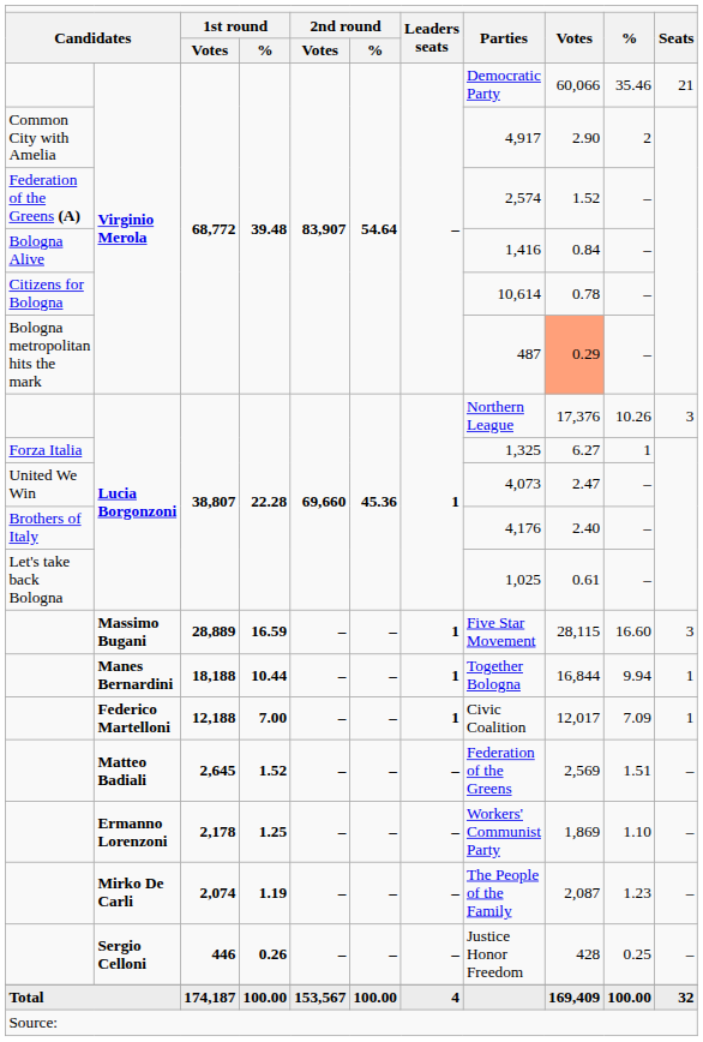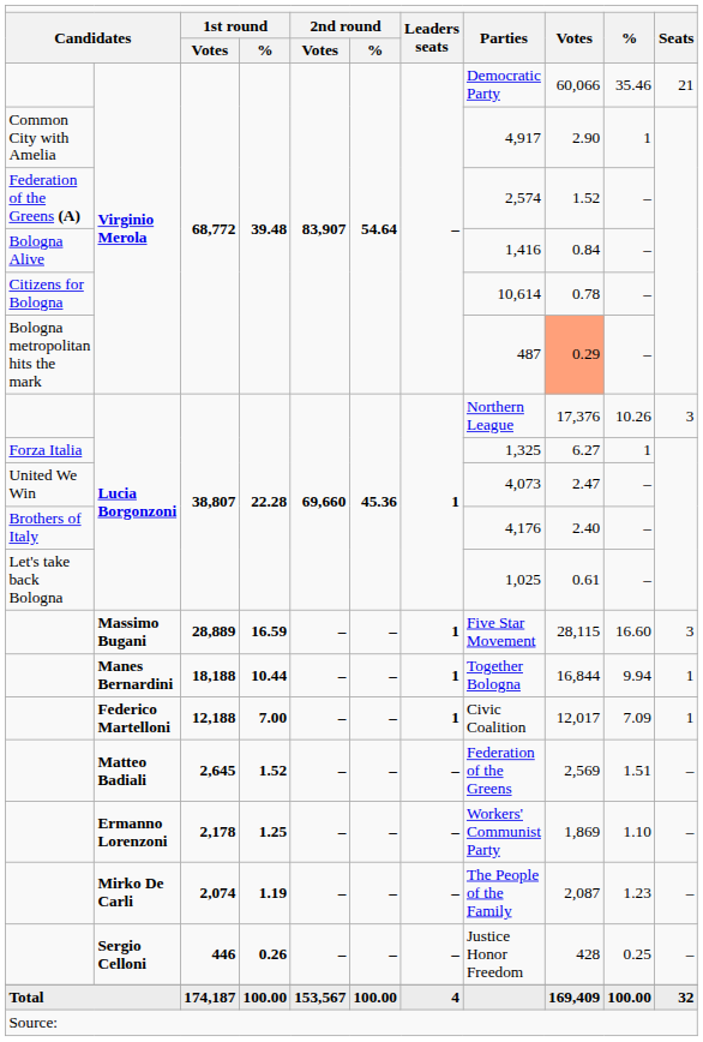 <table class="wikitable" style="text-align:left">
 <tr>
 <td colspan="11"></td>
 </tr>
 <tr>
 <th rowspan=2 colspan="2">Candidates</th>
 <th colspan=2>1st round</th>
 <th colspan=2>2nd round</th>
 <th rowspan=2>Leaders<br> seats</th>
 <th rowspan=2>Parties</th>
 <th rowspan=2>Votes</th>
 <th rowspan=2>%</th>
 <th rowspan=2>Seats</th>
 </tr>
 <tr>
 <th>Votes</th>
 <th>%</th>
 <th>Votes</th>
 <th>%</th>
 </tr>
 <tr>
 <td></td>
 <td rowspan=6><strong><a href='#'>Virginio Merola</a></strong></td>
 <td rowspan=6 align=right><strong>68,772</strong></td>
 <td rowspan=6 align=right><strong>39.48</strong></td>
 <td rowspan=6 align=right><strong>83,907</strong></td>
 <td rowspan=6 align=right><strong>54.64</strong></td>
 <td rowspan=6 align=right><strong>–</strong></td>
 <td><a href='#'>Democratic Party</a></td>
 <td align=right>60,066</td>
 <td align=right>35.46</td>
 <td align=right>21</td>
 </tr>
 <tr>
 <td>Common City with Amelia</td>
 <td align=right>4,917</td>
 <td align=right>2.90</td>
-<td align=right>2</td>
+<td align=right>1</td>
 </tr>
 <tr>
 <td><a href='#'>Federation of the Greens</a> <strong>(A)</strong></td>
 <td align=right>2,574</td>
 <td align=right>1.52</td>
 <td align=right>–</td>
 </tr>
 <tr>
 <td><a href='#'>Bologna Alive</a></td>
 <td align=right>1,416</td>
 <td align=right>0.84</td>
 <td align=right>–</td>
 </tr>
 <tr>
 <td><a href='#'>Citizens for Bologna</a></td>
 <td align=right>10,614</td>
 <td align=right>0.78</td>
 <td align=right>–</td>
 </tr>
 <tr>
 <td>Bologna metropolitan hits the mark</td>
 <td align=right>487</td>
 <td align=right style="background: lightsalmon;">0.29</td>
 <td align=right>–</td>
 </tr>
 <tr>
 <td></td>
 <td rowspan=5><strong><a href='#'>Lucia Borgonzoni</a></strong></td>
 <td rowspan=5 align=right><strong>38,807</strong></td>
 <td rowspan=5 align=right><strong>22.28</strong></td>
 <td rowspan=5 align=right><strong>69,660</strong></td>
 <td rowspan=5 align=right><strong>45.36</strong></td>
 <td rowspan=5 align=right><strong>1</strong></td>
 <td><a href='#'>Northern League</a></td>
 <td align=right>17,376</td>
 <td align=right>10.26</td>
 <td align=right>3</td>
 </tr>
 <tr>
 <td><a href='#'>Forza Italia</a></td>
 <td align=right>1,325</td>
 <td align=right>6.27</td>
 <td align=right>1</td>
 </tr>
 <tr>
 <td>United We Win</td>
 <td align=right>4,073</td>
 <td align=right>2.47</td>
 <td align=right>–</td>
 </tr>
 <tr>
 <td><a href='#'>Brothers of Italy</a></td>
 <td align=right>4,176</td>
 <td align=right>2.40</td>
 <td align=right>–</td>
 </tr>
 <tr>
 <td>Let's take back Bologna</td>
 <td align=right>1,025</td>
 <td align=right>0.61</td>
 <td align=right>–</td>
 </tr>
 <tr>
 <td></td>
 <td><strong>Massimo Bugani</strong></td>
 <td align=right><strong>28,889</strong></td>
 <td align=right><strong>16.59</strong></td>
 <td align=right><strong>–</strong></td>
 <td align=right><strong>–</strong></td>
 <td align=right><strong>1</strong></td>
 <td><a href='#'>Five Star Movement</a></td>
 <td align=right>28,115</td>
 <td align=right>16.60</td>
 <td align=right>3</td>
 </tr>
 <tr>
 <td></td>
 <td><strong>Manes Bernardini</strong></td>
 <td align=right><strong>18,188</strong></td>
 <td align=right><strong>10.44</strong></td>
 <td align=right><strong>–</strong></td>
 <td align=right><strong>–</strong></td>
 <td align=right><strong>1</strong></td>
 <td><a href='#'>Together Bologna</a></td>
 <td align=right>16,844</td>
 <td align=right>9.94</td>
 <td align=right>1</td>
 </tr>
 <tr>
 <td></td>
 <td><strong>Federico Martelloni</strong></td>
 <td align=right><strong>12,188</strong></td>
 <td align=right><strong>7.00</strong></td>
 <td align=right><strong>–</strong></td>
 <td align=right><strong>–</strong></td>
 <td align=right><strong>1</strong></td>
 <td>Civic Coalition</td>
 <td align=right>12,017</td>
 <td align=right>7.09</td>
 <td align=right>1</td>
 </tr>
 <tr>
 <td></td>
 <td><strong>Matteo Badiali</strong></td>
 <td align=right><strong>2,645</strong></td>
 <td align=right><strong>1.52</strong></td>
 <td align=right><strong>–</strong></td>
 <td align=right><strong>–</strong></td>
 <td align=right><strong>–</strong></td>
 <td><a href='#'>Federation of the Greens</a></td>
 <td align=right>2,569</td>
 <td align=right>1.51</td>
 <td align=right>–</td>
 </tr>
 <tr>
 <td></td>
 <td><strong>Ermanno Lorenzoni</strong></td>
 <td align=right><strong>2,178</strong></td>
 <td align=right><strong>1.25</strong></td>
 <td align=right><strong>–</strong></td>
 <td align=right><strong>–</strong></td>
 <td align=right><strong>–</strong></td>
 <td><a href='#'>Workers' Communist Party</a></td>
 <td align=right>1,869</td>
 <td align=right>1.10</td>
 <td align=right>–</td>
 </tr>
 <tr>
 <td></td>
 <td><strong>Mirko De Carli</strong></td>
 <td align=right><strong>2,074</strong></td>
 <td align=right><strong>1.19</strong></td>
 <td align=right><strong>–</strong></td>
 <td align=right><strong>–</strong></td>
 <td align=right><strong>–</strong></td>
 <td><a href='#'>The People of the Family</a></td>
 <td align=right>2,087</td>
 <td align=right>1.23</td>
 <td align=right>–</td>
 </tr>
 <tr>
 <td></td>
 <td><strong>Sergio Celloni</strong></td>
 <td align=right><strong>446</strong></td>
 <td align=right><strong>0.26</strong></td>
 <td align=right><strong>–</strong></td>
 <td align=right><strong>–</strong></td>
 <td align=right><strong>–</strong></td>
 <td>Justice Honor Freedom</td>
 <td align=right>428</td>
 <td align=right>0.25</td>
 <td align=right>–</td>
 </tr>
 <tr>
 </tr>
 <tr bgcolor=ececec>
 <td colspan="2"><strong>Total</strong></td>
 <td align=right><strong>174,187</strong></td>
 <td align=right><strong>100.00</strong></td>
 <td align=right><strong>153,567</strong></td>
 <td align=right><strong>100.00</strong></td>
 <td align=right><strong>4</strong></td>
 <td align=right></td>
 <td align=right><strong>169,409</strong></td>
 <td align=right><strong>100.00</strong></td>
 <td align=right><strong>32</strong></td>
 </tr>
 <tr>
 <td style="text-align:left;" colspan="11">Source: </td>
 </tr>
 </table>
